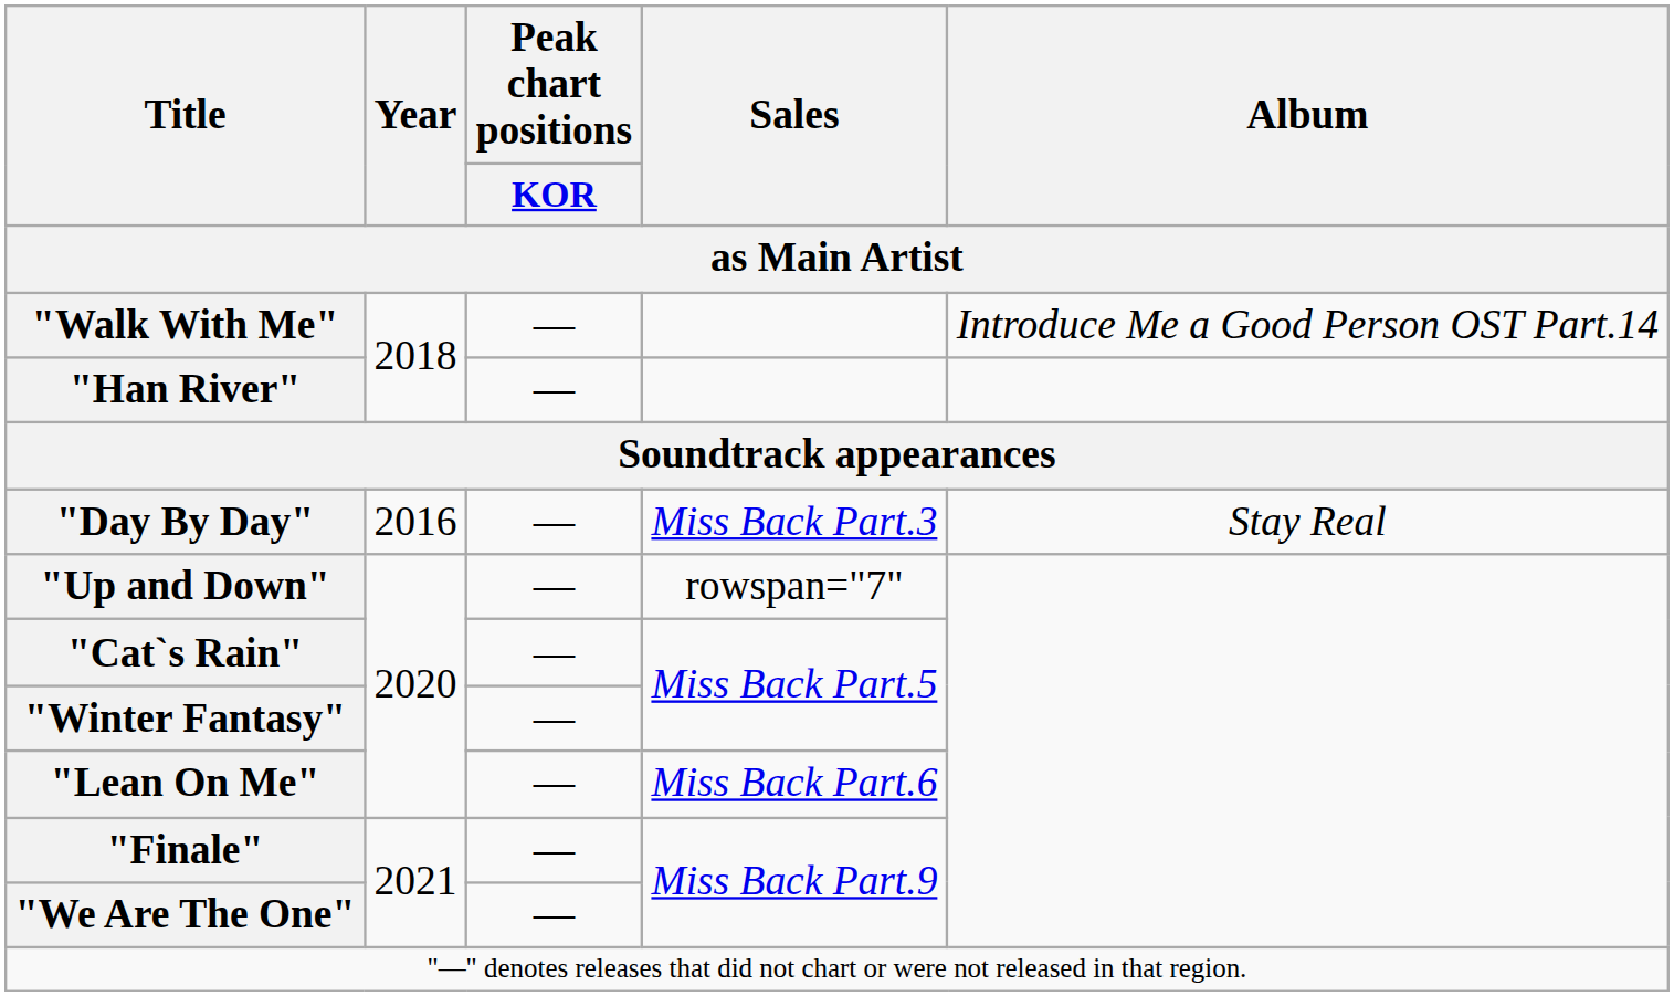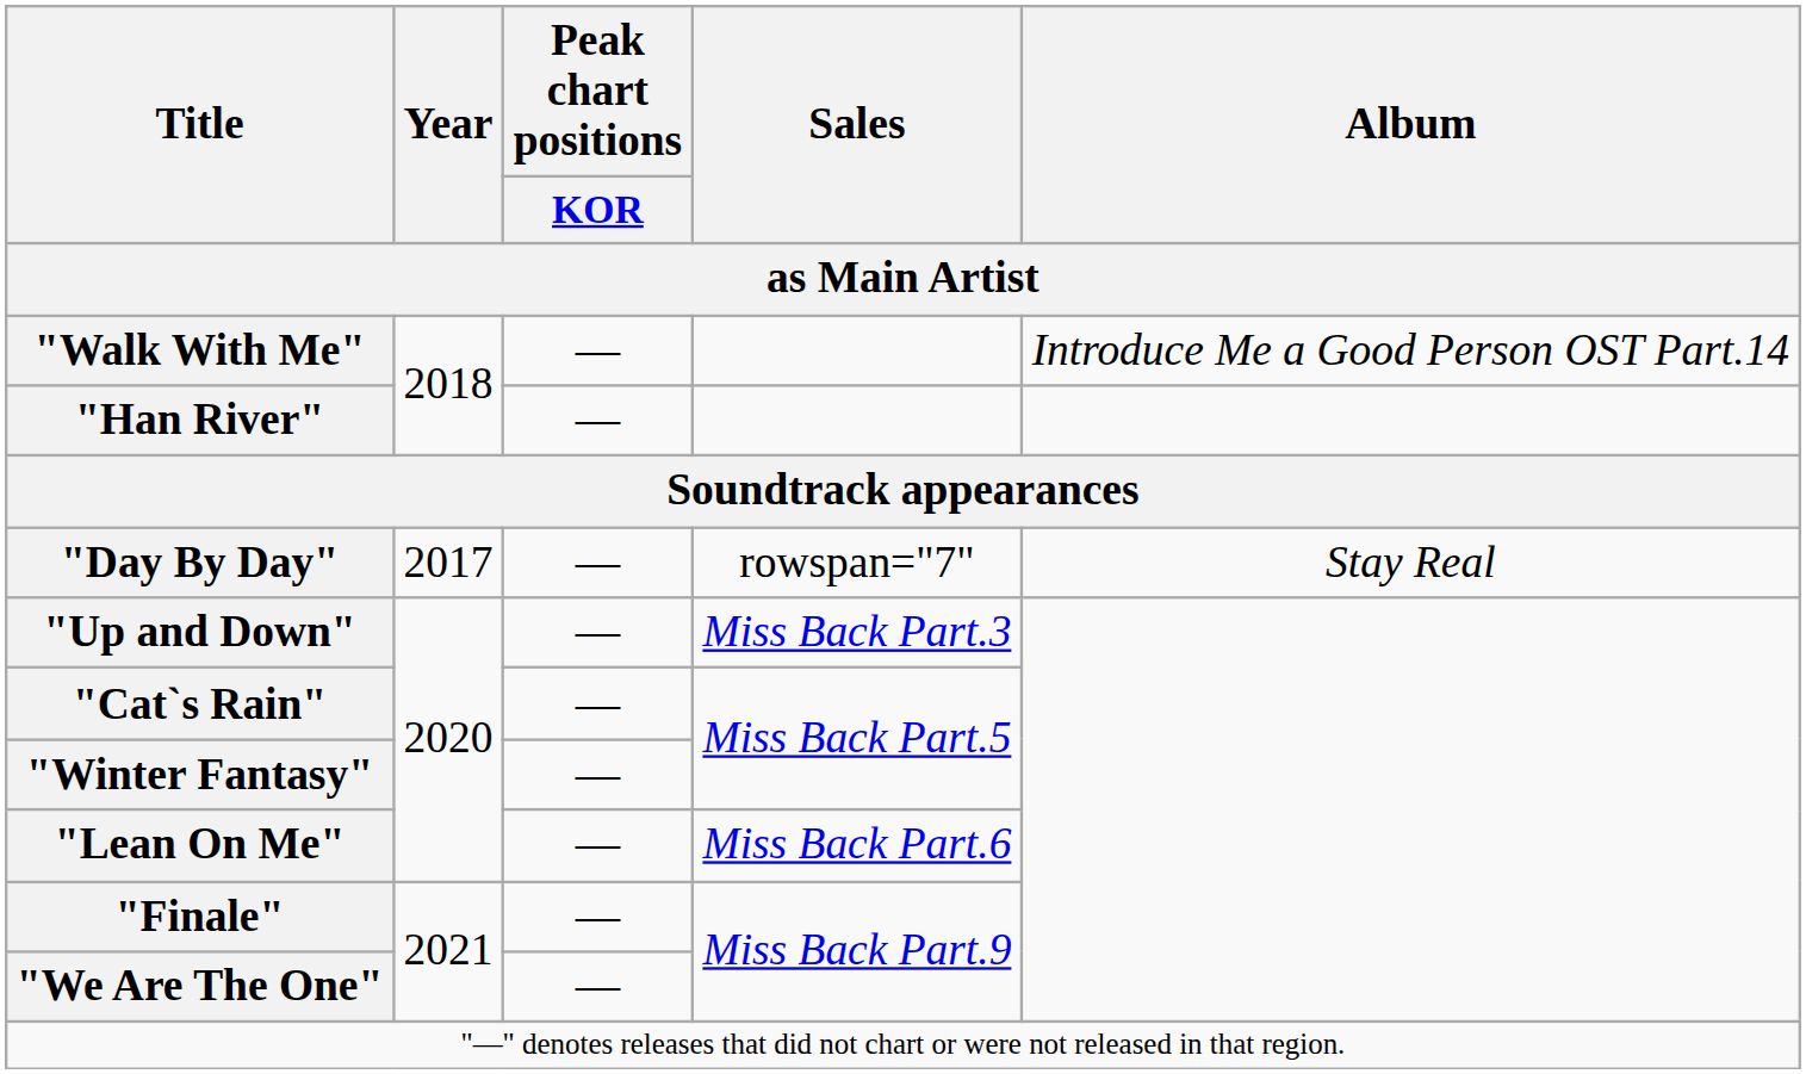 <table class="wikitable plainrowheaders" style="text-align:center;">
 <tr>
 <th scope="col" rowspan="2">Title</th>
 <th scope="col" rowspan="2">Year</th>
 <th scope="col">Peak chart positions</th>
 <th scope="col" rowspan="2">Sales</th>
 <th scope="col" rowspan="2">Album</th>
 </tr>
 <tr>
 <th scope="col" style="width:3em;font-size:90%;"><a href='#'>KOR</a><br></th>
 </tr>
 <tr>
 <th scope="col" colspan="5">as Main Artist</th>
 </tr>
 <tr>
 <th scope="row">"Walk With Me" </th>
 <td rowspan="2">2018</td>
 <td>—</td>
 <td></td>
 <td><em>Introduce Me a Good Person OST Part.14</em></td>
 </tr>
 <tr>
 <th scope="row">"Han River" </th>
 <td>—</td>
 <td></td>
 <td></td>
 </tr>
 <tr>
 <th scope="col" colspan="5">Soundtrack appearances</th>
 </tr>
 <tr>
 <th scope="row">"Day By Day" </th>
-<td>2016</td>
+<td>2017</td>
 <td>—</td>
-<td><em><a href='#'>Miss Back Part.3</a></em></td>
+<td>rowspan="7" </td>
 <td><em>Stay Real</em></td>
 </tr>
 <tr>
 <th scope="row">"Up and Down" </th>
 <td rowspan="4">2020</td>
 <td>—</td>
-<td>rowspan="7" </td>
+<td><em><a href='#'>Miss Back Part.3</a></em></td>
 </tr>
 <tr>
 <th scope="row">"Cat`s Rain" <br></th>
 <td>—</td>
 <td rowspan="2"><em><a href='#'>Miss Back Part.5</a></em></td>
 </tr>
 <tr>
 <th scope="row">"Winter Fantasy" <br></th>
 <td>—</td>
 </tr>
 <tr>
 <th scope="row">"Lean On Me" </th>
 <td>—</td>
 <td><em><a href='#'>Miss Back Part.6</a></em></td>
 </tr>
 <tr>
 <th scope="row">"Finale" <br></th>
 <td rowspan="2">2021</td>
 <td>—</td>
 <td rowspan="2"><em><a href='#'>Miss Back Part.9</a></em></td>
 </tr>
 <tr>
 <th scope="row">"We Are The One" <br></th>
 <td>—</td>
 </tr>
 <tr>
 <td colspan="6" style="font-size:8pt">"—" denotes releases that did not chart or were not released in that region.</td>
 </tr>
 </table>
